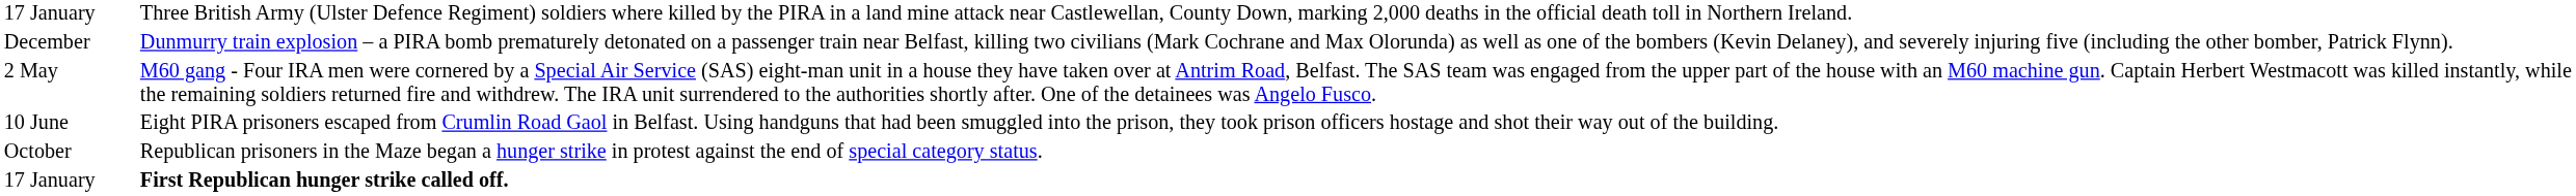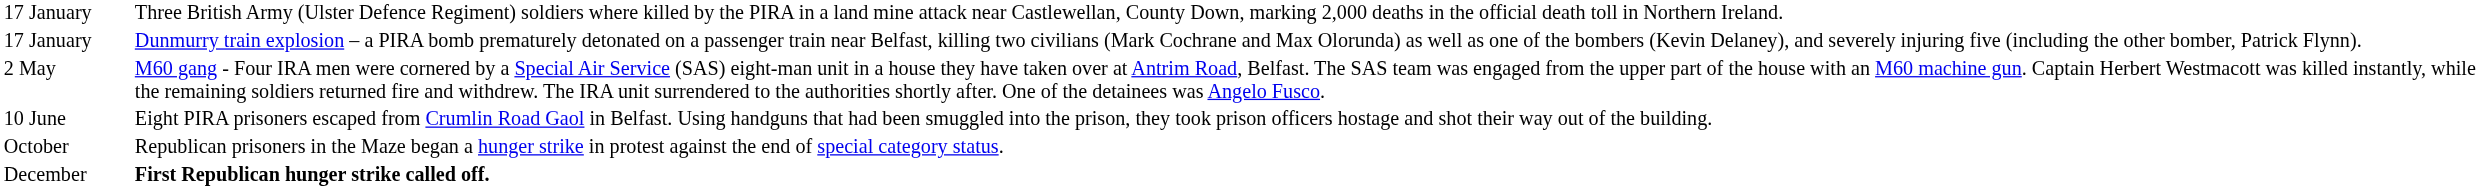 <table width=100%>
 <tr>
 <td style="width:100px; vertical-align:top;">17 January</td>
 <td>Three British Army (Ulster Defence Regiment) soldiers where killed by the PIRA in a land mine attack near Castlewellan, County Down, marking 2,000 deaths in the official death toll in Northern Ireland.</td>
 </tr>
 <tr>
-<td valign="top">December</td>
+<td valign="top">17 January</td>
 <td><a href='#'>Dunmurry train explosion</a> – a PIRA bomb prematurely detonated on a passenger train near Belfast, killing two civilians (Mark Cochrane and Max Olorunda) as well as one of the bombers (Kevin Delaney), and severely injuring five (including the other bomber, Patrick Flynn).</td>
 </tr>
 <tr>
 <td valign="top">2 May</td>
 <td><a href='#'>M60 gang</a> - Four IRA men were cornered by a <a href='#'>Special Air Service</a> (SAS) eight-man unit in a house they have taken over at <a href='#'>Antrim Road</a>, Belfast. The SAS team was engaged from the upper part of the house with an <a href='#'>M60 machine gun</a>. Captain Herbert Westmacott was killed instantly, while the remaining soldiers returned fire and withdrew. The IRA unit surrendered to the authorities shortly after. One of the detainees was <a href='#'>Angelo Fusco</a>.</td>
 </tr>
 <tr>
 <td valign="top">10 June</td>
 <td>Eight PIRA prisoners escaped from <a href='#'>Crumlin Road Gaol</a> in Belfast. Using handguns that had been smuggled into the prison, they took prison officers hostage and shot their way out of the building.</td>
 </tr>
 <tr>
 <td valign="top">October</td>
 <td>Republican prisoners in the Maze began a <a href='#'>hunger strike</a> in protest against the end of <a href='#'>special category status</a>.</td>
 </tr>
 <tr>
-<td valign="top">17 January</td>
+<td valign="top">December</td>
 <td><strong>First Republican hunger strike called off.</strong></td>
 </tr>
 </table>
